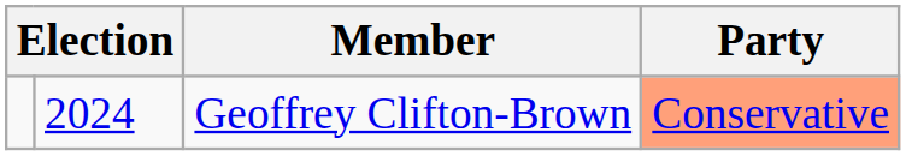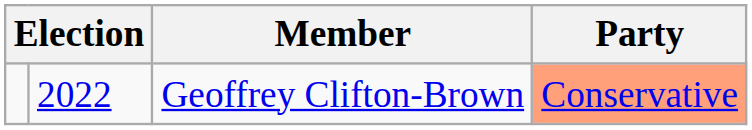 <table class="wikitable">
 <tr>
 <th colspan="2">Election</th>
 <th>Member</th>
 <th>Party</th>
 </tr>
 <tr>
 <td style="color:inherit;background-color: "></td>
-<td><a href='#'>2024</a></td>
+<td><a href='#'>2022</a></td>
 <td><a href='#'>Geoffrey Clifton-Brown</a></td>
 <td style="background: lightsalmon;"><a href='#'>Conservative</a></td>
 </tr>
 </table>
